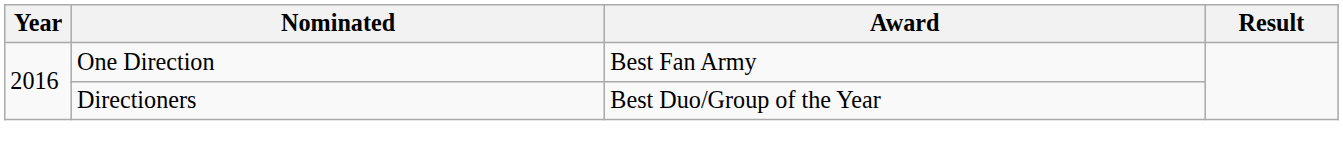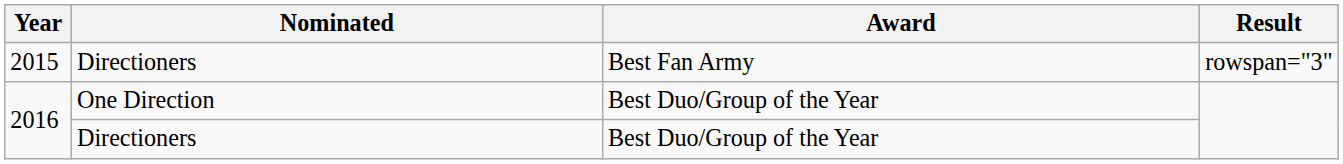 <table class="wikitable" style="width:100%;">
 <tr>
 <th width=5%>Year</th>
 <th style="width:40%;">Nominated</th>
 <th style="width:45%;">Award</th>
 <th style="width:10%;">Result</th>
 </tr>
 <tr>
+<td rowspan="1">2015</td>
+<td rowspan="1">Directioners</td>
+<td>Best Fan Army</td>
+<td>rowspan="3" </td>
+</tr>
+<tr>
 <td rowspan="2">2016</td>
 <td rowspan="1">One Direction</td>
-<td>Best Fan Army</td>
+<td>Best Duo/Group of the Year</td>
 </tr>
 <tr>
 <td rowspan="1">Directioners</td>
 <td>Best Duo/Group of the Year</td>
 </tr>
 </table>
